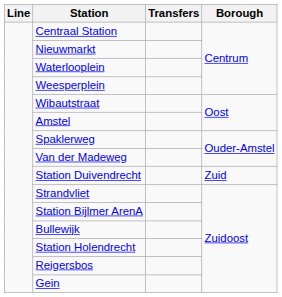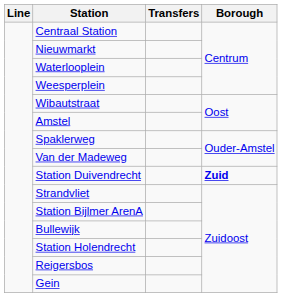 <table class="wikitable">
 <tr>
 <th>Line</th>
 <th>Station</th>
 <th>Transfers</th>
 <th>Borough</th>
 </tr>
 <tr>
 <td rowspan="15"></td>
 <td><a href='#'>Centraal Station</a></td>
 <td></td>
 <td rowspan="4"><a href='#'>Centrum</a></td>
 </tr>
 <tr>
 <td><a href='#'>Nieuwmarkt</a></td>
 <td></td>
 </tr>
 <tr>
 <td><a href='#'>Waterlooplein</a></td>
 <td></td>
 </tr>
 <tr>
 <td><a href='#'>Weesperplein</a></td>
 <td></td>
 </tr>
 <tr>
 <td><a href='#'>Wibautstraat</a></td>
 <td></td>
 <td rowspan="2"><a href='#'>Oost</a></td>
 </tr>
 <tr>
 <td><a href='#'>Amstel</a></td>
 <td></td>
 </tr>
 <tr>
 <td><a href='#'>Spaklerweg</a></td>
 <td></td>
 <td rowspan="2"><a href='#'>Ouder-Amstel</a></td>
 </tr>
 <tr>
 <td><a href='#'>Van der Madeweg</a></td>
 <td></td>
 </tr>
 <tr>
 <td><a href='#'>Station Duivendrecht</a></td>
 <td></td>
-<td><a href='#'>Zuid</a></td>
+<td><strong><a href='#'>Zuid</a></strong></td>
 </tr>
 <tr>
 <td><a href='#'>Strandvliet</a></td>
 <td></td>
 <td rowspan="6"><a href='#'>Zuidoost</a></td>
 </tr>
 <tr>
 <td><a href='#'>Station Bijlmer ArenA</a></td>
 <td></td>
 </tr>
 <tr>
 <td><a href='#'>Bullewijk</a></td>
 <td></td>
 </tr>
 <tr>
 <td><a href='#'>Station Holendrecht</a></td>
 <td></td>
 </tr>
 <tr>
 <td><a href='#'>Reigersbos</a></td>
 <td></td>
 </tr>
 <tr>
 <td><a href='#'>Gein</a></td>
 <td></td>
 </tr>
 </table>
